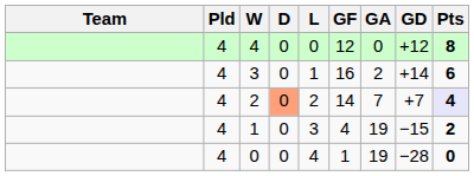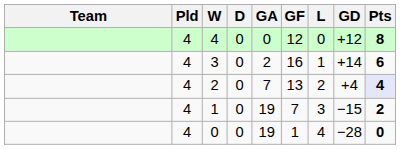 <table class="wikitable" style="text-align: center;">
 <tr>
 <th width=175>Team</th>
 <th width=20>Pld</th>
 <th width=20>W</th>
 <th width=20>D</th>
+<th width=20>GA</th>
+<th width=20>GF</th>
 <th width=20>L</th>
-<th width=20>GF</th>
-<th width=20>GA</th>
 <th width=20>GD</th>
 <th width=20>Pts</th>
 </tr>
 <tr bgcolor=ccffcc>
 <td style="text-align:left;"></td>
 <td>4</td>
 <td>4</td>
 <td>0</td>
 <td>0</td>
 <td>12</td>
 <td>0</td>
 <td>+12</td>
 <td><strong>8</strong></td>
 </tr>
 <tr>
 <td style="text-align:left;"></td>
 <td>4</td>
 <td>3</td>
 <td>0</td>
+<td>2</td>
+<td>16</td>
 <td>1</td>
-<td>16</td>
-<td>2</td>
 <td>+14</td>
 <td><strong>6</strong></td>
 </tr>
 <tr>
 <td style="text-align:left;"></td>
 <td>4</td>
 <td>2</td>
-<td style="background: lightsalmon;">0</td>
+<td>0</td>
+<td>7</td>
+<td>13</td>
 <td>2</td>
-<td>14</td>
-<td>7</td>
-<td>+7</td>
+<td>+4</td>
 <td style="background: lavender;"><strong>4</strong></td>
 </tr>
 <tr>
 <td style="text-align:left;"></td>
 <td>4</td>
 <td>1</td>
 <td>0</td>
+<td>19</td>
+<td>7</td>
 <td>3</td>
-<td>4</td>
-<td>19</td>
 <td>−15</td>
 <td><strong>2</strong></td>
 </tr>
 <tr>
 <td style="text-align:left;"></td>
 <td>4</td>
 <td>0</td>
 <td>0</td>
+<td>19</td>
+<td>1</td>
 <td>4</td>
-<td>1</td>
-<td>19</td>
 <td>−28</td>
 <td><strong>0</strong></td>
 </tr>
 </table>
